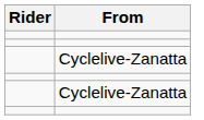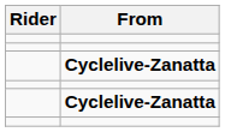 <table class="wikitable sortable">
 <tr>
 <th>Rider</th>
 <th>From</th>
 </tr>
 <tr>
 <td></td>
 <td></td>
 </tr>
 <tr>
 <td></td>
 <td></td>
 </tr>
 <tr>
 <td></td>
-<td>Cyclelive-Zanatta</td>
+<td><strong>Cyclelive-Zanatta</strong></td>
 </tr>
 <tr>
 <td></td>
 <td></td>
 </tr>
 <tr>
 <td></td>
-<td>Cyclelive-Zanatta</td>
+<td><strong>Cyclelive-Zanatta</strong></td>
 </tr>
 <tr>
 <td></td>
 <td></td>
 </tr>
 </table>
